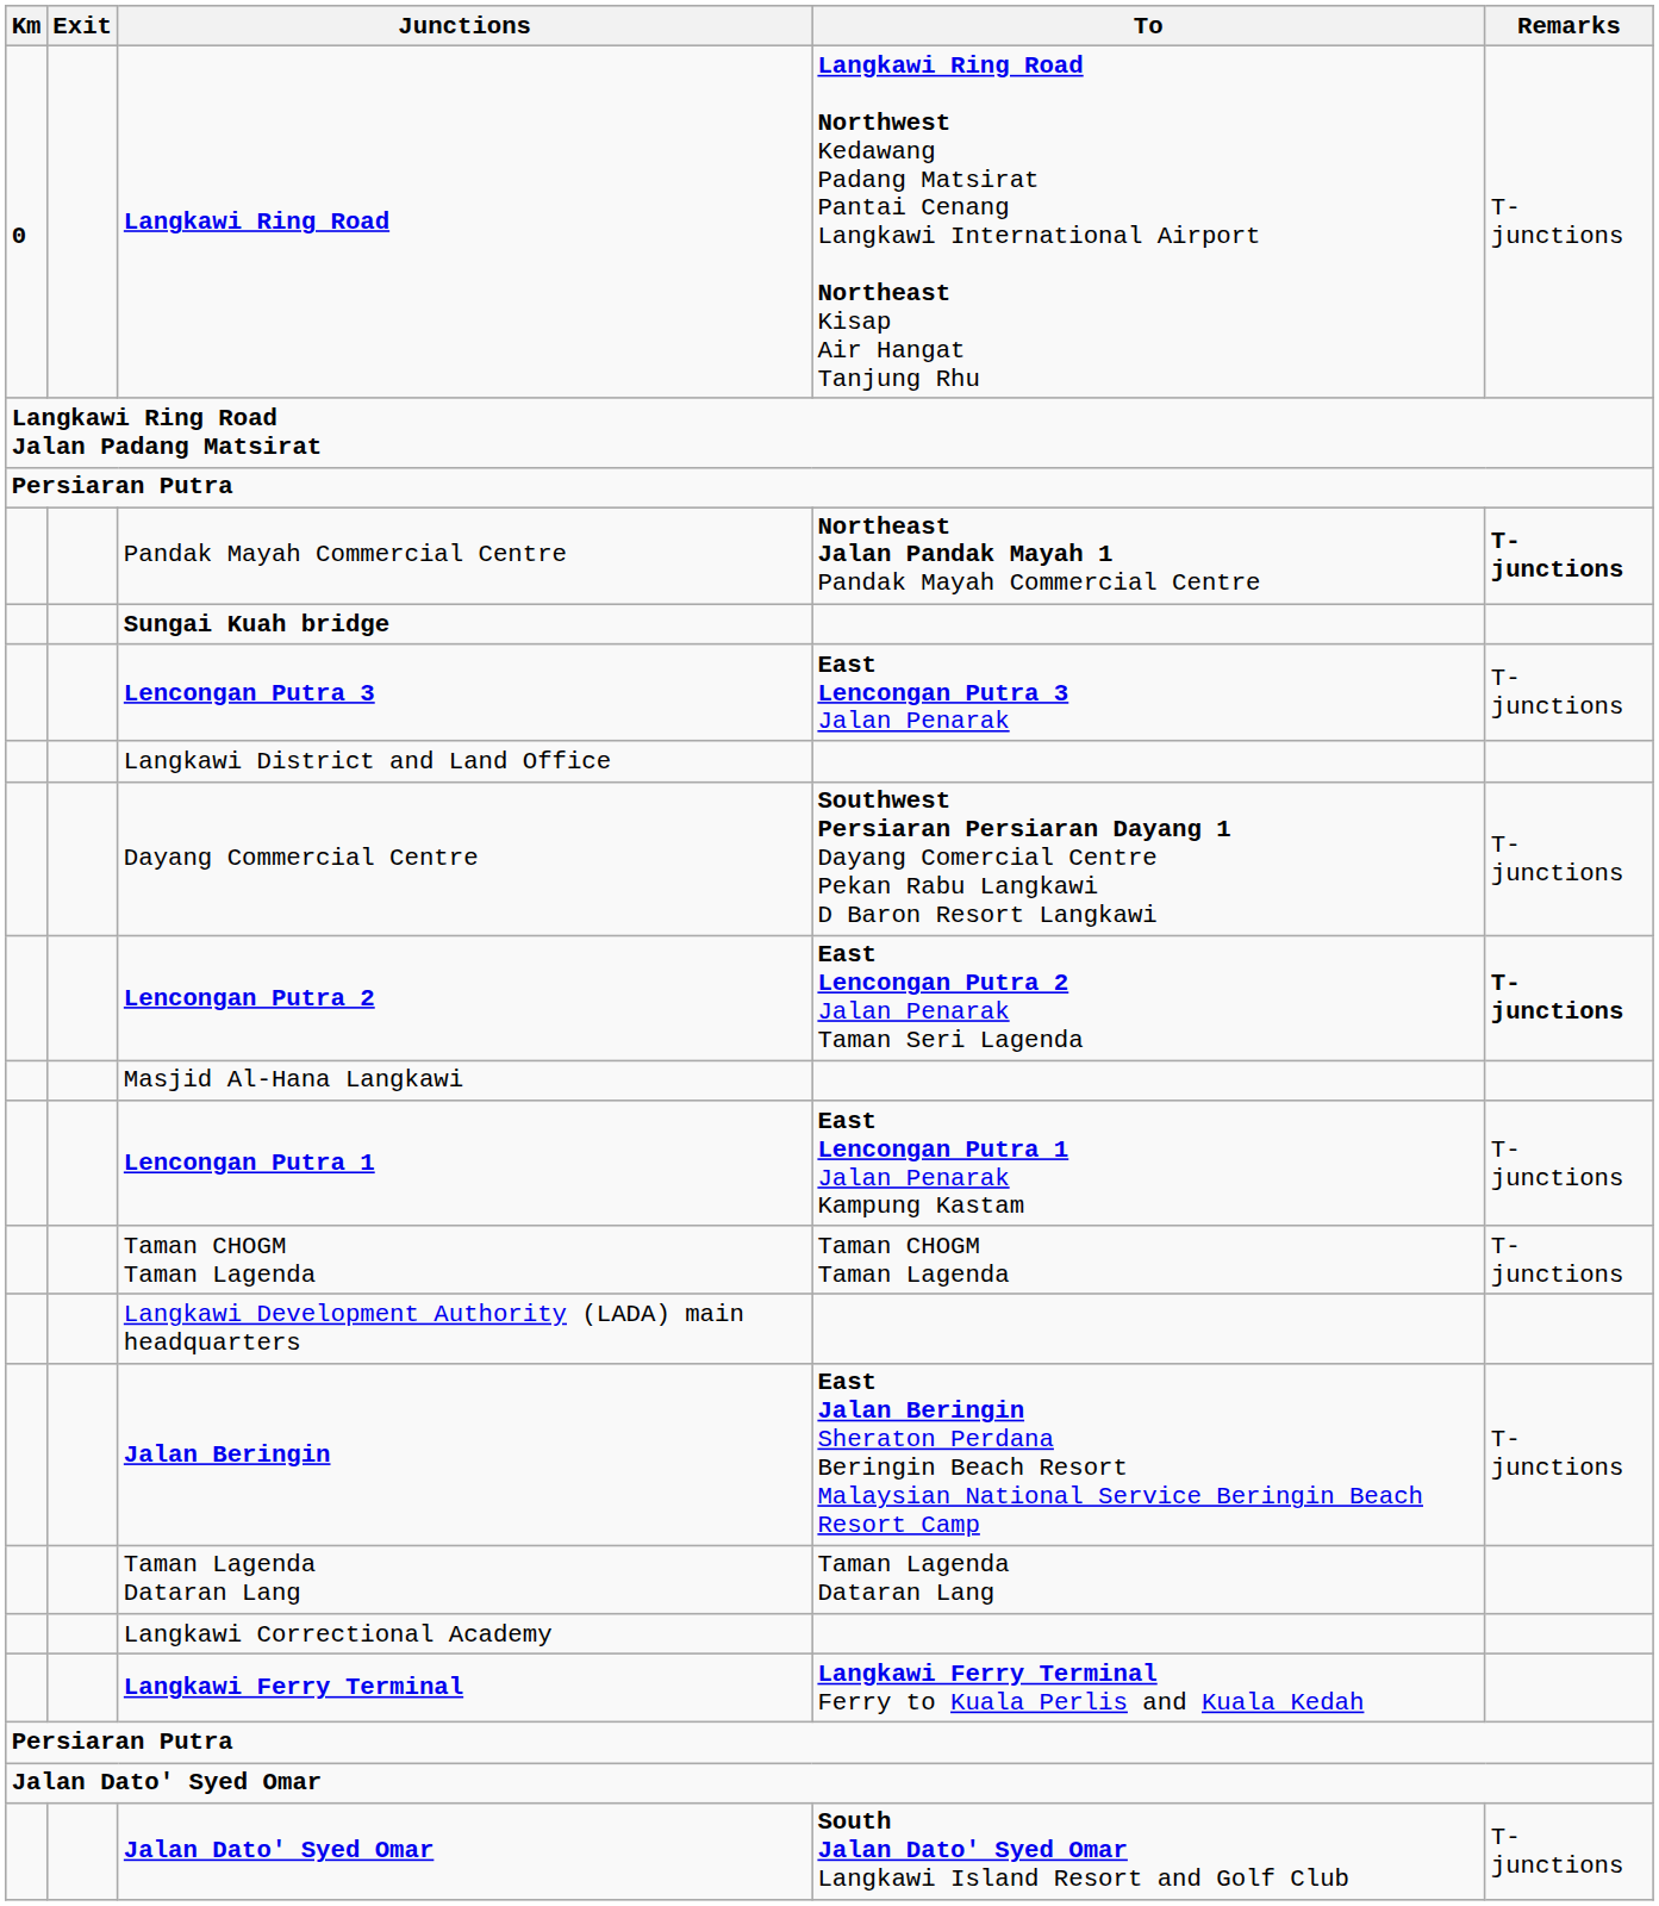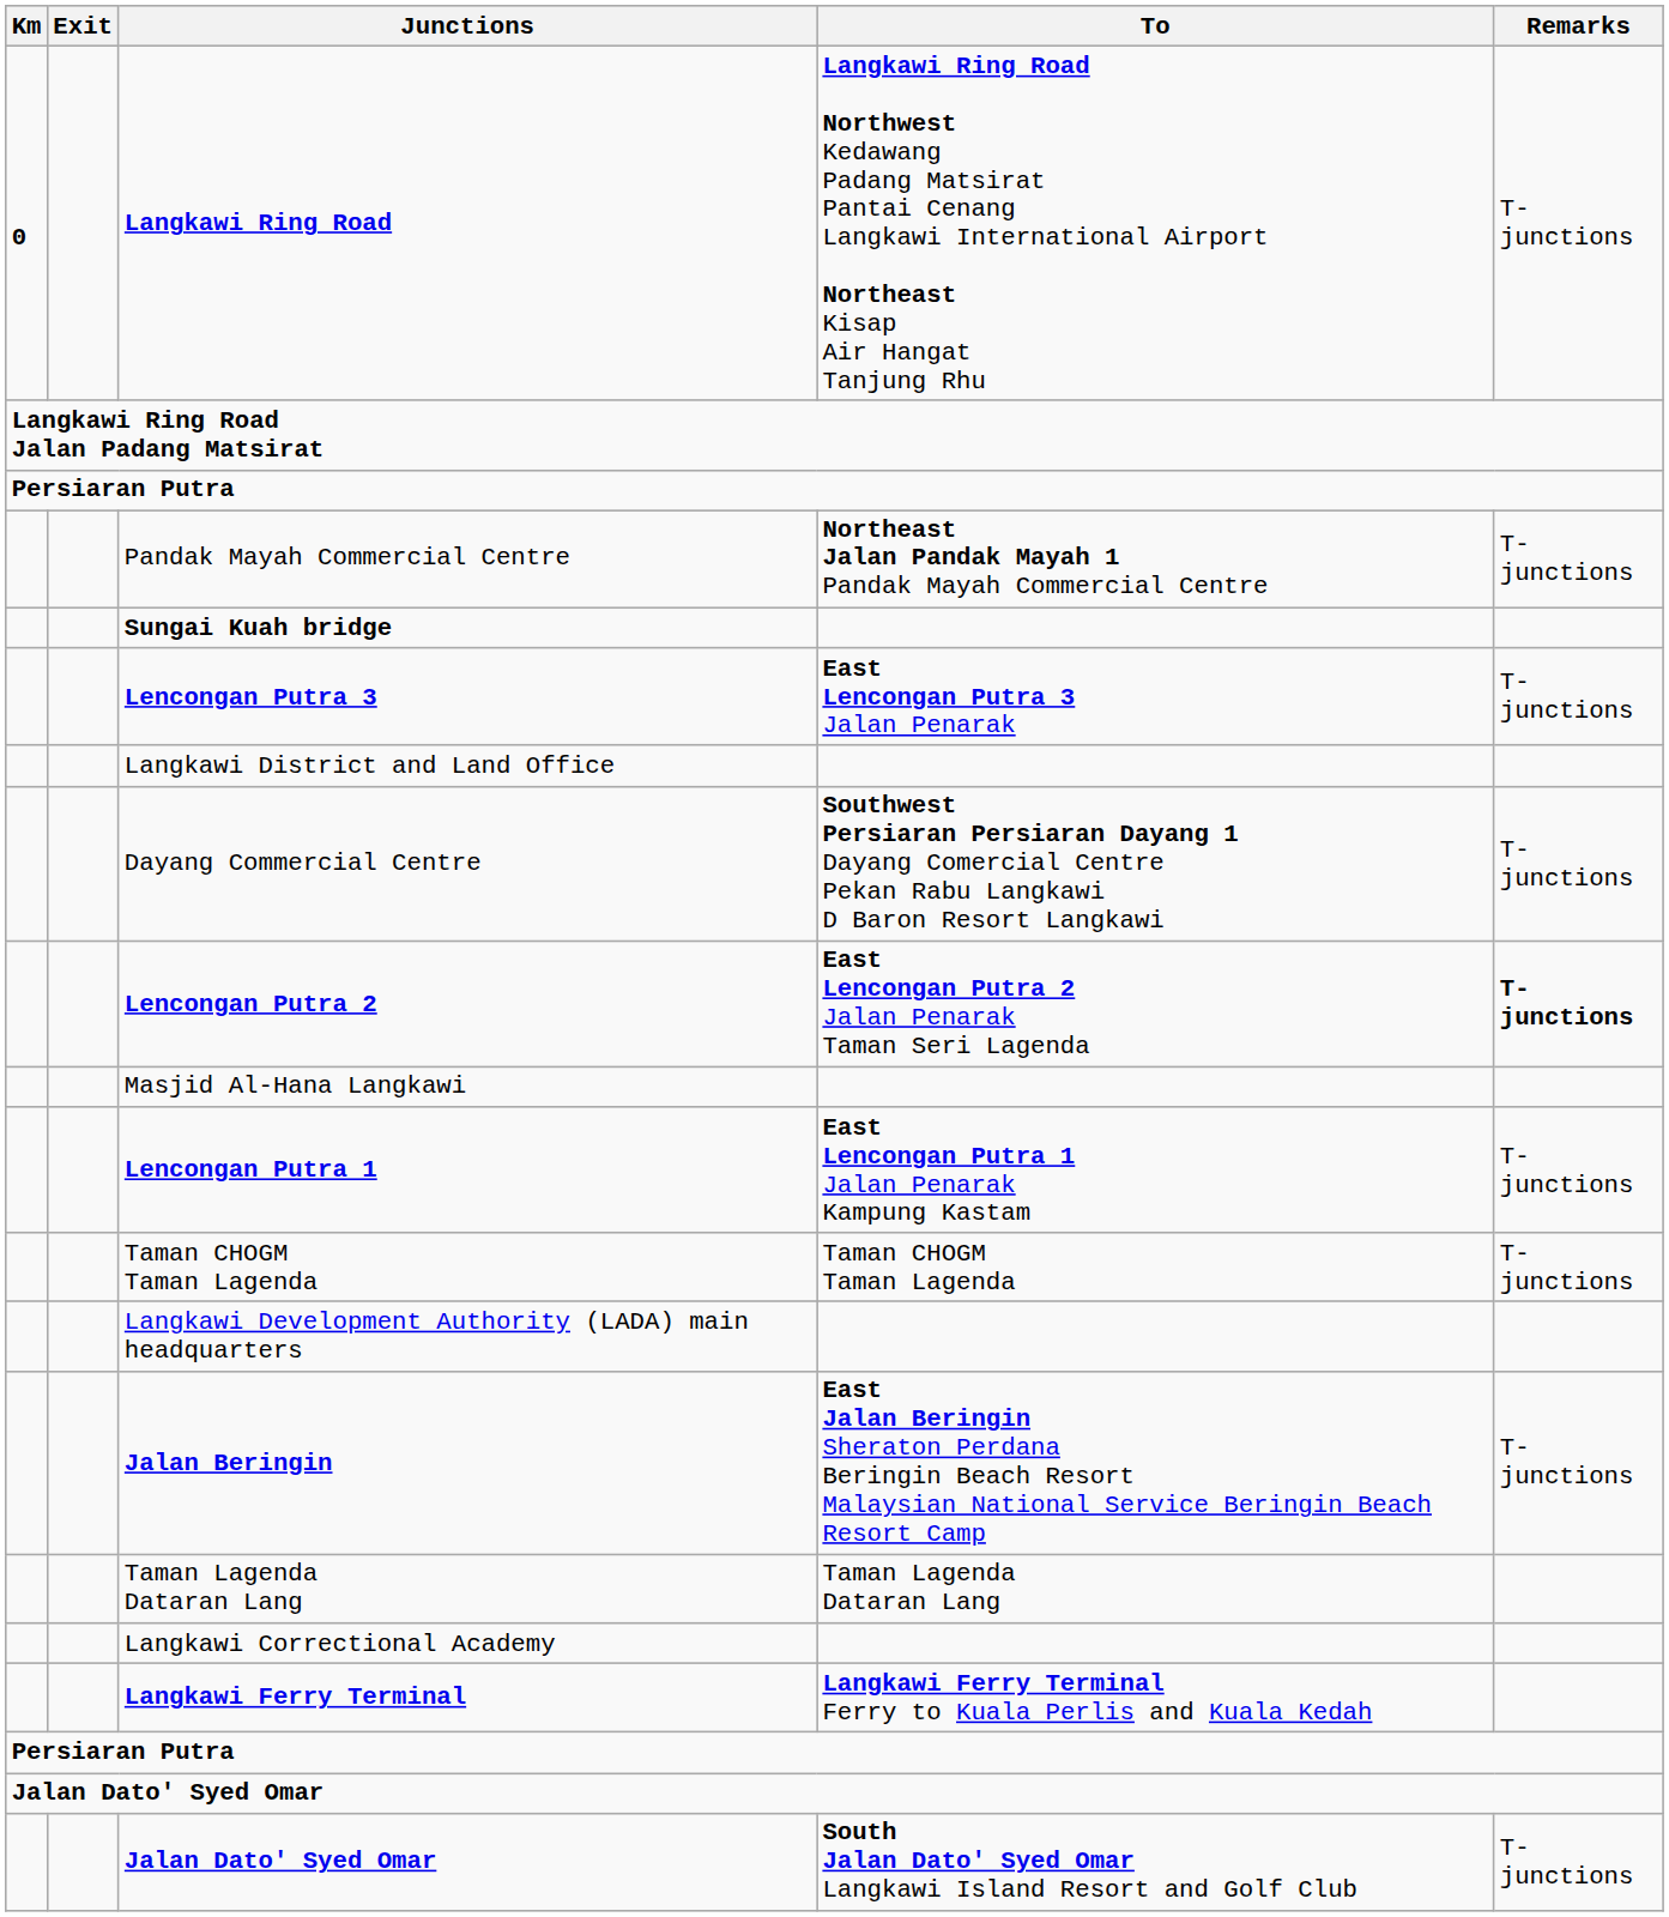 <table class="wikitable">
 <tr>
 <th>Km</th>
 <th>Exit</th>
 <th>Junctions</th>
 <th>To</th>
 <th>Remarks</th>
 </tr>
 <tr>
 <td><br><strong>0</strong></td>
 <td></td>
 <td> <strong><a href='#'>Langkawi Ring Road</a></strong></td>
 <td> <strong><a href='#'>Langkawi Ring Road</a></strong><br><br><strong>Northwest</strong><br> Kedawang<br> Padang Matsirat<br> Pantai Cenang <br> Langkawi International Airport <br><br><strong>Northeast</strong><br> Kisap<br> Air Hangat<br> Tanjung Rhu </td>
 <td>T-junctions</td>
 </tr>
 <tr>
 <td style="width:600px" colspan="6" style="text-align:center; background:blue;"><strong><span> Langkawi Ring Road<br>Jalan Padang Matsirat</span></strong></td>
 </tr>
 <tr>
 <td style="width:600px" colspan="6" style="text-align:center; background:blue;"><strong><span> Persiaran Putra</span></strong></td>
 </tr>
 <tr>
 <td></td>
 <td></td>
 <td>Pandak Mayah Commercial Centre</td>
 <td><strong>Northeast</strong><br><strong>Jalan Pandak Mayah 1</strong><br>Pandak Mayah Commercial Centre</td>
-<td><strong>T-junctions</strong></td>
+<td>T-junctions</td>
 </tr>
 <tr>
 <td></td>
 <td></td>
 <td><strong>Sungai Kuah bridge</strong></td>
 <td></td>
 <td></td>
 </tr>
 <tr>
 <td></td>
 <td></td>
 <td> <strong><a href='#'>Lencongan Putra 3</a></strong></td>
 <td><strong>East</strong><br> <strong><a href='#'>Lencongan Putra 3</a></strong><br> <a href='#'>Jalan Penarak</a></td>
 <td>T-junctions</td>
 </tr>
 <tr>
 <td></td>
 <td></td>
 <td>Langkawi District and Land Office</td>
 <td></td>
 <td></td>
 </tr>
 <tr>
 <td></td>
 <td></td>
 <td>Dayang Commercial Centre</td>
 <td><strong>Southwest</strong><br><strong>Persiaran Persiaran Dayang 1</strong><br>Dayang Comercial Centre<br>Pekan Rabu Langkawi<br>D Baron Resort Langkawi</td>
 <td>T-junctions</td>
 </tr>
 <tr>
 <td></td>
 <td></td>
 <td> <strong><a href='#'>Lencongan Putra 2</a></strong></td>
 <td><strong>East</strong><br> <strong><a href='#'>Lencongan Putra 2</a></strong><br> <a href='#'>Jalan Penarak</a><br>Taman Seri Lagenda</td>
 <td><strong>T-junctions</strong></td>
 </tr>
 <tr>
 <td></td>
 <td></td>
 <td>Masjid Al-Hana Langkawi</td>
 <td></td>
 <td></td>
 </tr>
 <tr>
 <td></td>
 <td></td>
 <td> <strong><a href='#'>Lencongan Putra 1</a></strong></td>
 <td><strong>East</strong><br> <strong><a href='#'>Lencongan Putra 1</a></strong><br> <a href='#'>Jalan Penarak</a><br>Kampung Kastam</td>
 <td>T-junctions</td>
 </tr>
 <tr>
 <td></td>
 <td></td>
 <td>Taman CHOGM<br>Taman Lagenda</td>
 <td>Taman CHOGM<br>Taman Lagenda<br>  </td>
 <td>T-junctions</td>
 </tr>
 <tr>
 <td></td>
 <td></td>
 <td><a href='#'>Langkawi Development Authority</a> (LADA) main headquarters</td>
 <td></td>
 <td></td>
 </tr>
 <tr>
 <td></td>
 <td></td>
 <td> <strong><a href='#'>Jalan Beringin</a></strong></td>
 <td><strong>East</strong><br> <strong><a href='#'>Jalan Beringin</a></strong><br><a href='#'>Sheraton Perdana</a><br>Beringin Beach Resort<br><a href='#'>Malaysian National Service Beringin Beach Resort Camp</a></td>
 <td>T-junctions</td>
 </tr>
 <tr>
 <td></td>
 <td></td>
 <td>Taman Lagenda<br>Dataran Lang</td>
 <td>Taman Lagenda<br>Dataran Lang<br>  </td>
 <td></td>
 </tr>
 <tr>
 <td></td>
 <td></td>
 <td>Langkawi Correctional Academy</td>
 <td></td>
 <td></td>
 </tr>
 <tr>
 <td></td>
 <td></td>
 <td><strong><a href='#'>Langkawi Ferry Terminal</a></strong> </td>
 <td><strong><a href='#'>Langkawi Ferry Terminal</a></strong> <br>Ferry to <a href='#'>Kuala Perlis</a> and <a href='#'>Kuala Kedah</a><br></td>
 <td></td>
 </tr>
 <tr>
 <td style="width:600px" colspan="6" style="text-align:center; background:blue;"><strong><span> Persiaran Putra</span></strong></td>
 </tr>
 <tr>
 <td style="width:600px" colspan="6" style="text-align:center; background:blue;"><strong><span> Jalan Dato' Syed Omar</span></strong></td>
 </tr>
 <tr>
 <td></td>
 <td></td>
 <td> <strong><a href='#'>Jalan Dato' Syed Omar</a></strong></td>
 <td><strong>South</strong><br> <strong><a href='#'>Jalan Dato' Syed Omar</a></strong><br>Langkawi Island Resort and Golf Club</td>
 <td>T-junctions</td>
 </tr>
 </table>
